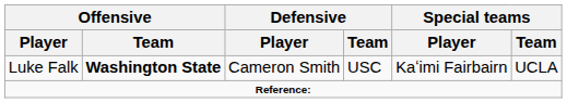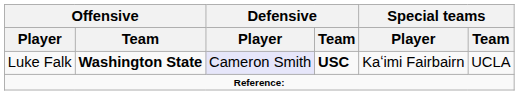 <table class="wikitable">
 <tr>
 <th colspan="2">Offensive</th>
 <th colspan="2">Defensive</th>
 <th colspan="2">Special teams</th>
 </tr>
 <tr>
 <th>Player</th>
 <th>Team</th>
 <th>Player</th>
 <th>Team</th>
 <th>Player</th>
 <th>Team</th>
 </tr>
 <tr>
 <td>Luke Falk</td>
 <td><strong>Washington State</strong></td>
-<td>Cameron Smith</td>
-<td>USC</td>
+<td style="background: lavender;">Cameron Smith</td>
+<td><strong>USC</strong></td>
 <td>Kaʻimi Fairbairn</td>
 <td>UCLA</td>
 </tr>
 <tr>
 <td colspan="12"  style="font-size:8pt; text-align:center;"><strong>Reference:</strong></td>
 </tr>
 </table>
